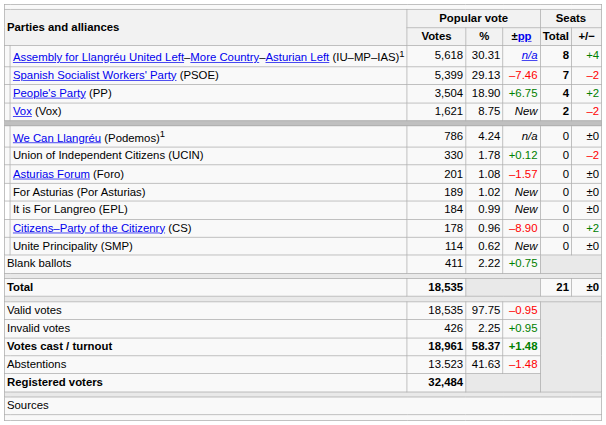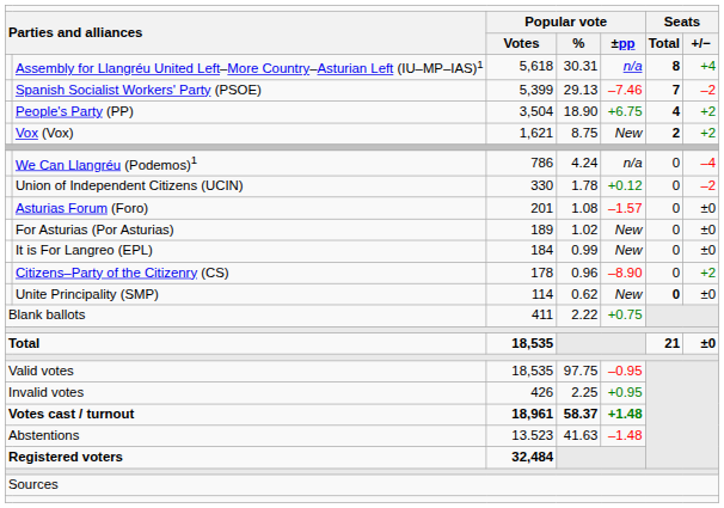 <table class="wikitable" style="text-align:right;">
 <tr>
 <td colspan="7"></td>
 </tr>
 <tr>
 <th style="text-align:left;" rowspan="2" colspan="2" width="525">Parties and alliances</th>
 <th colspan="3">Popular vote</th>
 <th colspan="2">Seats</th>
 </tr>
 <tr>
 <th width="75">Votes</th>
 <th width="45">%</th>
 <th width="45">±<a href='#'>pp</a></th>
 <th width="35">Total</th>
 <th width="35">+/−</th>
 </tr>
 <tr>
 <td width="1" style="color:inherit;background:"></td>
 <td align="left"><a href='#'>Assembly for Llangréu United Left</a>–<a href='#'>More Country</a>–<a href='#'>Asturian Left</a> (IU–MP–IAS)<sup>1</sup></td>
 <td>5,618</td>
 <td>30.31</td>
 <td><em><a href='#'>n/a</a></em></td>
 <td><strong>8</strong></td>
 <td style="color:green;">+4</td>
 </tr>
 <tr>
 <td style="color:inherit;background:"></td>
 <td align="left"><a href='#'>Spanish Socialist Workers' Party</a> (PSOE)</td>
 <td>5,399</td>
 <td>29.13</td>
 <td style="color:red;">–7.46</td>
 <td><strong>7</strong></td>
 <td style="color:red;">–2</td>
 </tr>
 <tr>
 <td style="color:inherit;background:"></td>
 <td align="left"><a href='#'>People's Party</a> (PP)</td>
 <td>3,504</td>
 <td>18.90</td>
 <td style="color:green;">+6.75</td>
 <td><strong>4</strong></td>
 <td style="color:green;">+2</td>
 </tr>
 <tr>
 <td style="color:inherit;background:"></td>
 <td align="left"><a href='#'>Vox</a> (Vox)</td>
 <td>1,621</td>
 <td>8.75</td>
 <td><em>New</em></td>
 <td><strong>2</strong></td>
-<td style="color:red;">–2</td>
+<td style="color:green;">+2</td>
 </tr>
 <tr>
 <td colspan="7" bgcolor="#C0C0C0"></td>
 </tr>
 <tr>
 <td style="color:inherit;background:"></td>
 <td align="left"><a href='#'>We Can Llangréu</a> (Podemos)<sup>1</sup></td>
 <td>786</td>
 <td>4.24</td>
 <td><em>n/a</em></td>
 <td>0</td>
-<td>±0</td>
+<td style="color:red;">–4</td>
 </tr>
 <tr>
 <td style="color:inherit;background:"></td>
 <td align="left">Union of Independent Citizens (UCIN)</td>
 <td>330</td>
 <td>1.78</td>
 <td style="color:green;">+0.12</td>
 <td>0</td>
 <td style="color:red;">–2</td>
 </tr>
 <tr>
 <td style="color:inherit;background:"></td>
 <td align="left"><a href='#'>Asturias Forum</a> (Foro)</td>
 <td>201</td>
 <td>1.08</td>
 <td style="color:red;">–1.57</td>
 <td>0</td>
 <td>±0</td>
 </tr>
 <tr>
 <td bgcolor="white"></td>
 <td align="left">For Asturias (Por Asturias)</td>
 <td>189</td>
 <td>1.02</td>
 <td><em>New</em></td>
 <td>0</td>
 <td>±0</td>
 </tr>
 <tr>
 <td bgcolor="white"></td>
 <td align="left">It is For Langreo (EPL)</td>
 <td>184</td>
 <td>0.99</td>
 <td><em>New</em></td>
 <td>0</td>
 <td>±0</td>
 </tr>
 <tr>
 <td style="color:inherit;background:"></td>
 <td align="left"><a href='#'>Citizens–Party of the Citizenry</a> (CS)</td>
 <td>178</td>
 <td>0.96</td>
 <td style="color:red;">–8.90</td>
 <td>0</td>
 <td style="color:green;">+2</td>
 </tr>
 <tr>
 <td style="color:inherit;background:"></td>
 <td align="left">Unite Principality (SMP)</td>
 <td>114</td>
 <td>0.62</td>
 <td><em>New</em></td>
-<td>0</td>
+<td><strong>0</strong></td>
 <td>±0</td>
 </tr>
 <tr>
 <td colspan="2" align="left">Blank ballots</td>
 <td>411</td>
 <td>2.22</td>
 <td style="color:green;">+0.75</td>
 <td colspan="2" bgcolor="#E9E9E9"></td>
 </tr>
 <tr>
 <td colspan="7" bgcolor="#E9E9E9"></td>
 </tr>
 <tr style="font-weight:bold;">
 <td align="left" colspan="2">Total</td>
 <td>18,535</td>
 <td colspan="2" bgcolor="#E9E9E9"></td>
 <td>21</td>
 <td>±0</td>
 </tr>
 <tr>
 <td colspan="7" bgcolor="#E9E9E9"></td>
 </tr>
 <tr>
 <td align="left" colspan="2">Valid votes</td>
 <td>18,535</td>
 <td>97.75</td>
 <td style="color:red;">–0.95</td>
 <td bgcolor="#E9E9E9" colspan="2" rowspan="5"></td>
 </tr>
 <tr>
 <td align="left" colspan="2">Invalid votes</td>
 <td>426</td>
 <td>2.25</td>
 <td style="color:green;">+0.95</td>
 </tr>
 <tr style="font-weight:bold;">
 <td align="left" colspan="2">Votes cast / turnout</td>
 <td>18,961</td>
 <td>58.37</td>
 <td style="color:green;">+1.48</td>
 </tr>
 <tr>
 <td align="left" colspan="2">Abstentions</td>
 <td>13.523</td>
 <td>41.63</td>
 <td style="color:red;">–1.48</td>
 </tr>
 <tr style="font-weight:bold;">
 <td align="left" colspan="2">Registered voters</td>
 <td>32,484</td>
 <td colspan="2" bgcolor="#E9E9E9"></td>
 </tr>
 <tr>
 <td colspan="7" bgcolor="#E9E9E9"></td>
 </tr>
 <tr>
 <td align="left" colspan="7">Sources</td>
 </tr>
 <tr>
 <td colspan="7" style="text-align:left; max-width:790px;"></td>
 </tr>
 </table>
